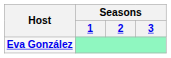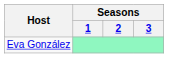 <table class="wikitable">
 <tr>
 <th rowspan="2">Host</th>
 <th colspan="3">Seasons</th>
 </tr>
 <tr>
 <th width="40"><a href='#'>1</a></th>
 <th width="40"><a href='#'>2</a></th>
 <th width="40"><a href='#'>3</a></th>
 </tr>
 <tr>
-<td><strong><a href='#'>Eva González</a></strong></td>
+<td><a href='#'>Eva González</a></td>
 <td colspan="3" bgcolor="#8ff7c0"></td>
 </tr>
 </table>
